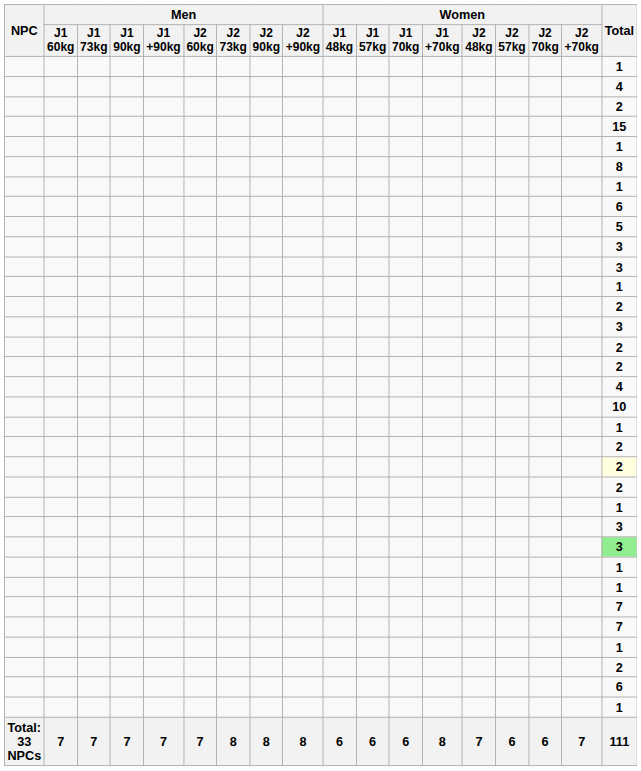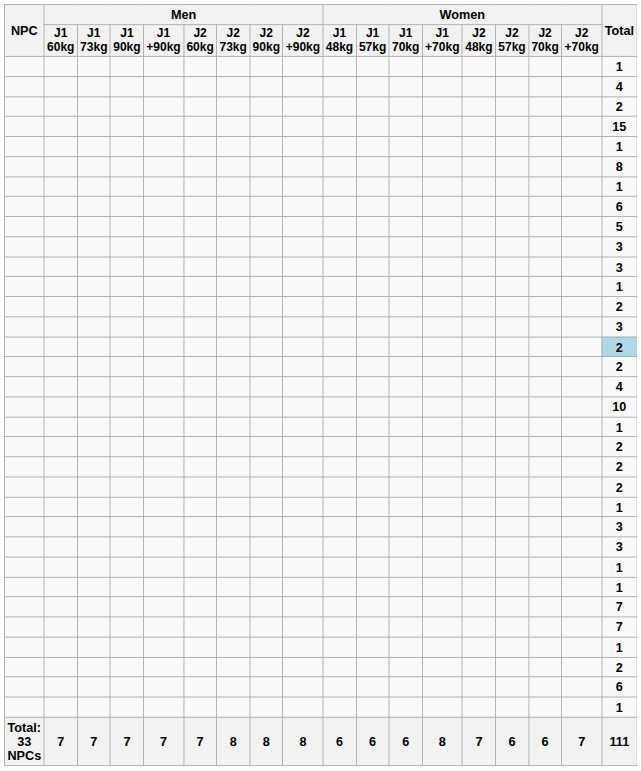 <table class="wikitable sortable" style="text-align:center; font-size:90%">
 <tr>
 <th rowspan=2>NPC</th>
 <th colspan=8>Men</th>
 <th colspan=8>Women</th>
 <th rowspan=2>Total</th>
 </tr>
 <tr style=font-size:95%>
 <th>J1 60kg</th>
 <th>J1 73kg</th>
 <th>J1 90kg</th>
 <th>J1 +90kg</th>
 <th>J2 60kg</th>
 <th>J2 73kg</th>
 <th>J2 90kg</th>
 <th>J2 +90kg</th>
 <th>J1 48kg</th>
 <th>J1 57kg</th>
 <th>J1 70kg</th>
 <th>J1 +70kg</th>
 <th>J2 48kg</th>
 <th>J2 57kg</th>
 <th>J2 70kg</th>
 <th>J2 +70kg</th>
 </tr>
 <tr>
 <td align=left></td>
 <td></td>
 <td></td>
 <td></td>
 <td></td>
 <td></td>
 <td></td>
 <td></td>
 <td></td>
 <td></td>
 <td></td>
 <td></td>
 <td></td>
 <td></td>
 <td></td>
 <td></td>
 <td></td>
 <td><strong>1</strong></td>
 </tr>
 <tr>
 <td align=left></td>
 <td></td>
 <td></td>
 <td></td>
 <td></td>
 <td></td>
 <td></td>
 <td></td>
 <td></td>
 <td></td>
 <td></td>
 <td></td>
 <td></td>
 <td></td>
 <td></td>
 <td></td>
 <td></td>
 <td><strong>4</strong></td>
 </tr>
 <tr>
 <td align=left></td>
 <td></td>
 <td></td>
 <td></td>
 <td></td>
 <td></td>
 <td></td>
 <td></td>
 <td></td>
 <td></td>
 <td></td>
 <td></td>
 <td></td>
 <td></td>
 <td></td>
 <td></td>
 <td></td>
 <td><strong>2</strong></td>
 </tr>
 <tr>
 <td align=left></td>
 <td></td>
 <td></td>
 <td></td>
 <td></td>
 <td></td>
 <td></td>
 <td></td>
 <td></td>
 <td></td>
 <td></td>
 <td></td>
 <td></td>
 <td></td>
 <td></td>
 <td></td>
 <td></td>
 <td><strong>15</strong></td>
 </tr>
 <tr>
 <td align=left></td>
 <td></td>
 <td></td>
 <td></td>
 <td></td>
 <td></td>
 <td></td>
 <td></td>
 <td></td>
 <td></td>
 <td></td>
 <td></td>
 <td></td>
 <td></td>
 <td></td>
 <td></td>
 <td></td>
 <td><strong>1</strong></td>
 </tr>
 <tr>
 <td align=left></td>
 <td></td>
 <td></td>
 <td></td>
 <td></td>
 <td></td>
 <td></td>
 <td></td>
 <td></td>
 <td></td>
 <td></td>
 <td></td>
 <td></td>
 <td></td>
 <td></td>
 <td></td>
 <td></td>
 <td><strong>8</strong></td>
 </tr>
 <tr>
 <td align=left></td>
 <td></td>
 <td></td>
 <td></td>
 <td></td>
 <td></td>
 <td></td>
 <td></td>
 <td></td>
 <td></td>
 <td></td>
 <td></td>
 <td></td>
 <td></td>
 <td></td>
 <td></td>
 <td></td>
 <td><strong>1</strong></td>
 </tr>
 <tr>
 <td align=left></td>
 <td></td>
 <td></td>
 <td></td>
 <td></td>
 <td></td>
 <td></td>
 <td></td>
 <td></td>
 <td></td>
 <td></td>
 <td></td>
 <td></td>
 <td></td>
 <td></td>
 <td></td>
 <td></td>
 <td><strong>6</strong></td>
 </tr>
 <tr>
 <td align=left></td>
 <td></td>
 <td></td>
 <td></td>
 <td></td>
 <td></td>
 <td></td>
 <td></td>
 <td></td>
 <td></td>
 <td></td>
 <td></td>
 <td></td>
 <td></td>
 <td></td>
 <td></td>
 <td></td>
 <td><strong>5</strong></td>
 </tr>
 <tr>
 <td align=left></td>
 <td></td>
 <td></td>
 <td></td>
 <td></td>
 <td></td>
 <td></td>
 <td></td>
 <td></td>
 <td></td>
 <td></td>
 <td></td>
 <td></td>
 <td></td>
 <td></td>
 <td></td>
 <td></td>
 <td><strong>3</strong></td>
 </tr>
 <tr>
 <td align=left></td>
 <td></td>
 <td></td>
 <td></td>
 <td></td>
 <td></td>
 <td></td>
 <td></td>
 <td></td>
 <td></td>
 <td></td>
 <td></td>
 <td></td>
 <td></td>
 <td></td>
 <td></td>
 <td></td>
 <td><strong>3</strong></td>
 </tr>
 <tr>
 <td align=left></td>
 <td></td>
 <td></td>
 <td></td>
 <td></td>
 <td></td>
 <td></td>
 <td></td>
 <td></td>
 <td></td>
 <td></td>
 <td></td>
 <td></td>
 <td></td>
 <td></td>
 <td></td>
 <td></td>
 <td><strong>1</strong></td>
 </tr>
 <tr>
 <td align=left></td>
 <td></td>
 <td></td>
 <td></td>
 <td></td>
 <td></td>
 <td></td>
 <td></td>
 <td></td>
 <td></td>
 <td></td>
 <td></td>
 <td></td>
 <td></td>
 <td></td>
 <td></td>
 <td></td>
 <td><strong>2</strong></td>
 </tr>
 <tr>
 <td align=left></td>
 <td></td>
 <td></td>
 <td></td>
 <td></td>
 <td></td>
 <td></td>
 <td></td>
 <td></td>
 <td></td>
 <td></td>
 <td></td>
 <td></td>
 <td></td>
 <td></td>
 <td></td>
 <td></td>
 <td><strong>3</strong></td>
 </tr>
 <tr>
 <td align=left></td>
 <td></td>
 <td></td>
 <td></td>
 <td></td>
 <td></td>
 <td></td>
 <td></td>
 <td></td>
 <td></td>
 <td></td>
 <td></td>
 <td></td>
 <td></td>
 <td></td>
 <td></td>
 <td></td>
-<td><strong>2</strong></td>
+<td style="background: lightblue;"><strong>2</strong></td>
 </tr>
 <tr>
 <td align=left></td>
 <td></td>
 <td></td>
 <td></td>
 <td></td>
 <td></td>
 <td></td>
 <td></td>
 <td></td>
 <td></td>
 <td></td>
 <td></td>
 <td></td>
 <td></td>
 <td></td>
 <td></td>
 <td></td>
 <td><strong>2</strong></td>
 </tr>
 <tr>
 <td align=left></td>
 <td></td>
 <td></td>
 <td></td>
 <td></td>
 <td></td>
 <td></td>
 <td></td>
 <td></td>
 <td></td>
 <td></td>
 <td></td>
 <td></td>
 <td></td>
 <td></td>
 <td></td>
 <td></td>
 <td><strong>4</strong></td>
 </tr>
 <tr>
 <td align=left></td>
 <td></td>
 <td></td>
 <td></td>
 <td></td>
 <td></td>
 <td></td>
 <td></td>
 <td></td>
 <td></td>
 <td></td>
 <td></td>
 <td></td>
 <td></td>
 <td></td>
 <td></td>
 <td></td>
 <td><strong>10</strong></td>
 </tr>
 <tr>
 <td align=left></td>
 <td></td>
 <td></td>
 <td></td>
 <td></td>
 <td></td>
 <td></td>
 <td></td>
 <td></td>
 <td></td>
 <td></td>
 <td></td>
 <td></td>
 <td></td>
 <td></td>
 <td></td>
 <td></td>
 <td><strong>1</strong></td>
 </tr>
 <tr>
 <td align=left></td>
 <td></td>
 <td></td>
 <td></td>
 <td></td>
 <td></td>
 <td></td>
 <td></td>
 <td></td>
 <td></td>
 <td></td>
 <td></td>
 <td></td>
 <td></td>
 <td></td>
 <td></td>
 <td></td>
 <td><strong>2</strong></td>
 </tr>
 <tr>
 <td align=left></td>
 <td></td>
 <td></td>
 <td></td>
 <td></td>
 <td></td>
 <td></td>
 <td></td>
 <td></td>
 <td></td>
 <td></td>
 <td></td>
 <td></td>
 <td></td>
 <td></td>
 <td></td>
 <td></td>
-<td style="background: lightyellow;"><strong>2</strong></td>
+<td><strong>2</strong></td>
 </tr>
 <tr>
 <td align=left></td>
 <td></td>
 <td></td>
 <td></td>
 <td></td>
 <td></td>
 <td></td>
 <td></td>
 <td></td>
 <td></td>
 <td></td>
 <td></td>
 <td></td>
 <td></td>
 <td></td>
 <td></td>
 <td></td>
 <td><strong>2</strong></td>
 </tr>
 <tr>
 <td align=left></td>
 <td></td>
 <td></td>
 <td></td>
 <td></td>
 <td></td>
 <td></td>
 <td></td>
 <td></td>
 <td></td>
 <td></td>
 <td></td>
 <td></td>
 <td></td>
 <td></td>
 <td></td>
 <td></td>
 <td><strong>1</strong></td>
 </tr>
 <tr>
 <td align=left></td>
 <td></td>
 <td></td>
 <td></td>
 <td></td>
 <td></td>
 <td></td>
 <td></td>
 <td></td>
 <td></td>
 <td></td>
 <td></td>
 <td></td>
 <td></td>
 <td></td>
 <td></td>
 <td></td>
 <td><strong>3</strong></td>
 </tr>
 <tr>
 <td align=left></td>
 <td></td>
 <td></td>
 <td></td>
 <td></td>
 <td></td>
 <td></td>
 <td></td>
 <td></td>
 <td></td>
 <td></td>
 <td></td>
 <td></td>
 <td></td>
 <td></td>
 <td></td>
 <td></td>
-<td style="background: lightgreen;"><strong>3</strong></td>
+<td><strong>3</strong></td>
 </tr>
 <tr>
 <td align=left></td>
 <td></td>
 <td></td>
 <td></td>
 <td></td>
 <td></td>
 <td></td>
 <td></td>
 <td></td>
 <td></td>
 <td></td>
 <td></td>
 <td></td>
 <td></td>
 <td></td>
 <td></td>
 <td></td>
 <td><strong>1</strong></td>
 </tr>
 <tr>
 <td align=left></td>
 <td></td>
 <td></td>
 <td></td>
 <td></td>
 <td></td>
 <td></td>
 <td></td>
 <td></td>
 <td></td>
 <td></td>
 <td></td>
 <td></td>
 <td></td>
 <td></td>
 <td></td>
 <td></td>
 <td><strong>1</strong></td>
 </tr>
 <tr>
 <td align=left></td>
 <td></td>
 <td></td>
 <td></td>
 <td></td>
 <td></td>
 <td></td>
 <td></td>
 <td></td>
 <td></td>
 <td></td>
 <td></td>
 <td></td>
 <td></td>
 <td></td>
 <td></td>
 <td></td>
 <td><strong>7</strong></td>
 </tr>
 <tr>
 <td align=left></td>
 <td></td>
 <td></td>
 <td></td>
 <td></td>
 <td></td>
 <td></td>
 <td></td>
 <td></td>
 <td></td>
 <td></td>
 <td></td>
 <td></td>
 <td></td>
 <td></td>
 <td></td>
 <td></td>
 <td><strong>7</strong></td>
 </tr>
 <tr>
 <td align=left></td>
 <td></td>
 <td></td>
 <td></td>
 <td></td>
 <td></td>
 <td></td>
 <td></td>
 <td></td>
 <td></td>
 <td></td>
 <td></td>
 <td></td>
 <td></td>
 <td></td>
 <td></td>
 <td></td>
 <td><strong>1</strong></td>
 </tr>
 <tr>
 <td align=left></td>
 <td></td>
 <td></td>
 <td></td>
 <td></td>
 <td></td>
 <td></td>
 <td></td>
 <td></td>
 <td></td>
 <td></td>
 <td></td>
 <td></td>
 <td></td>
 <td></td>
 <td></td>
 <td></td>
 <td><strong>2</strong></td>
 </tr>
 <tr>
 <td align=left></td>
 <td></td>
 <td></td>
 <td></td>
 <td></td>
 <td></td>
 <td></td>
 <td></td>
 <td></td>
 <td></td>
 <td></td>
 <td></td>
 <td></td>
 <td></td>
 <td></td>
 <td></td>
 <td></td>
 <td><strong>6</strong></td>
 </tr>
 <tr>
 <td align=left></td>
 <td></td>
 <td></td>
 <td></td>
 <td></td>
 <td></td>
 <td></td>
 <td></td>
 <td></td>
 <td></td>
 <td></td>
 <td></td>
 <td></td>
 <td></td>
 <td></td>
 <td></td>
 <td></td>
 <td><strong>1</strong></td>
 </tr>
 <tr>
 <th>Total: 33 NPCs</th>
 <th>7</th>
 <th>7</th>
 <th>7</th>
 <th>7</th>
 <th>7</th>
 <th>8</th>
 <th>8</th>
 <th>8</th>
 <th>6</th>
 <th>6</th>
 <th>6</th>
 <th>8</th>
 <th>7</th>
 <th>6</th>
 <th>6</th>
 <th>7</th>
 <th>111</th>
 </tr>
 </table>
